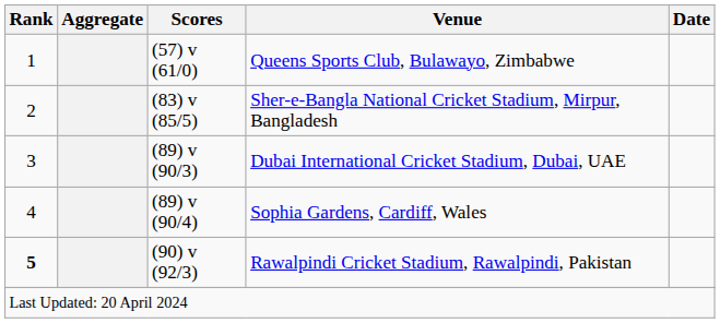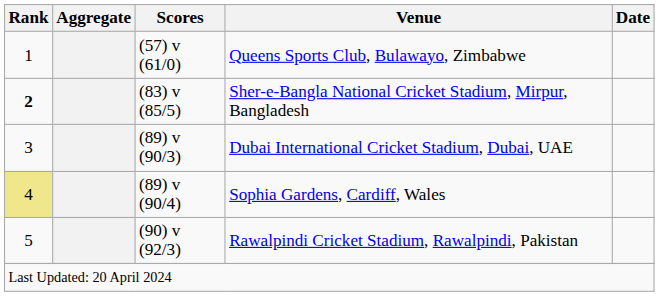 <table class="wikitable plainrowheaders sortable">
 <tr>
 <th scope=col>Rank</th>
 <th scope=col>Aggregate</th>
 <th scope=col>Scores</th>
 <th scope=col>Venue</th>
 <th scope=col>Date</th>
 </tr>
 <tr>
 <td align=center>1</td>
 <th scope=row style=text-align:center;></th>
 <td> (57) v  (61/0)</td>
 <td><a href='#'>Queens Sports Club</a>, <a href='#'>Bulawayo</a>, Zimbabwe</td>
 <td></td>
 </tr>
 <tr>
-<td align=center>2</td>
+<td align=center><strong>2</strong></td>
 <th scope=row style=text-align:center;></th>
 <td> (83) v  (85/5)</td>
 <td><a href='#'>Sher-e-Bangla National Cricket Stadium</a>, <a href='#'>Mirpur</a>, Bangladesh</td>
 <td></td>
 </tr>
 <tr>
 <td align=center>3</td>
 <th scope=row style=text-align:center;></th>
 <td> (89) v  (90/3)</td>
 <td><a href='#'>Dubai International Cricket Stadium</a>, <a href='#'>Dubai</a>, UAE</td>
 <td></td>
 </tr>
 <tr>
-<td align=center>4</td>
+<td align=center style="background: khaki;">4</td>
 <th scope=row style=text-align:center;></th>
 <td> (89) v  (90/4)</td>
 <td><a href='#'>Sophia Gardens</a>, <a href='#'>Cardiff</a>, Wales</td>
 <td></td>
 </tr>
 <tr>
-<td align=center><strong>5</strong></td>
+<td align=center>5</td>
 <th scope=row style=text-align:center;></th>
 <td> (90) v  (92/3)</td>
 <td><a href='#'>Rawalpindi Cricket Stadium</a>, <a href='#'>Rawalpindi</a>, Pakistan</td>
 <td></td>
 </tr>
 <tr>
 </tr>
 <tr class=sortbottom>
 <td colspan=5><small>Last Updated: 20 April 2024</small></td>
 </tr>
 </table>
